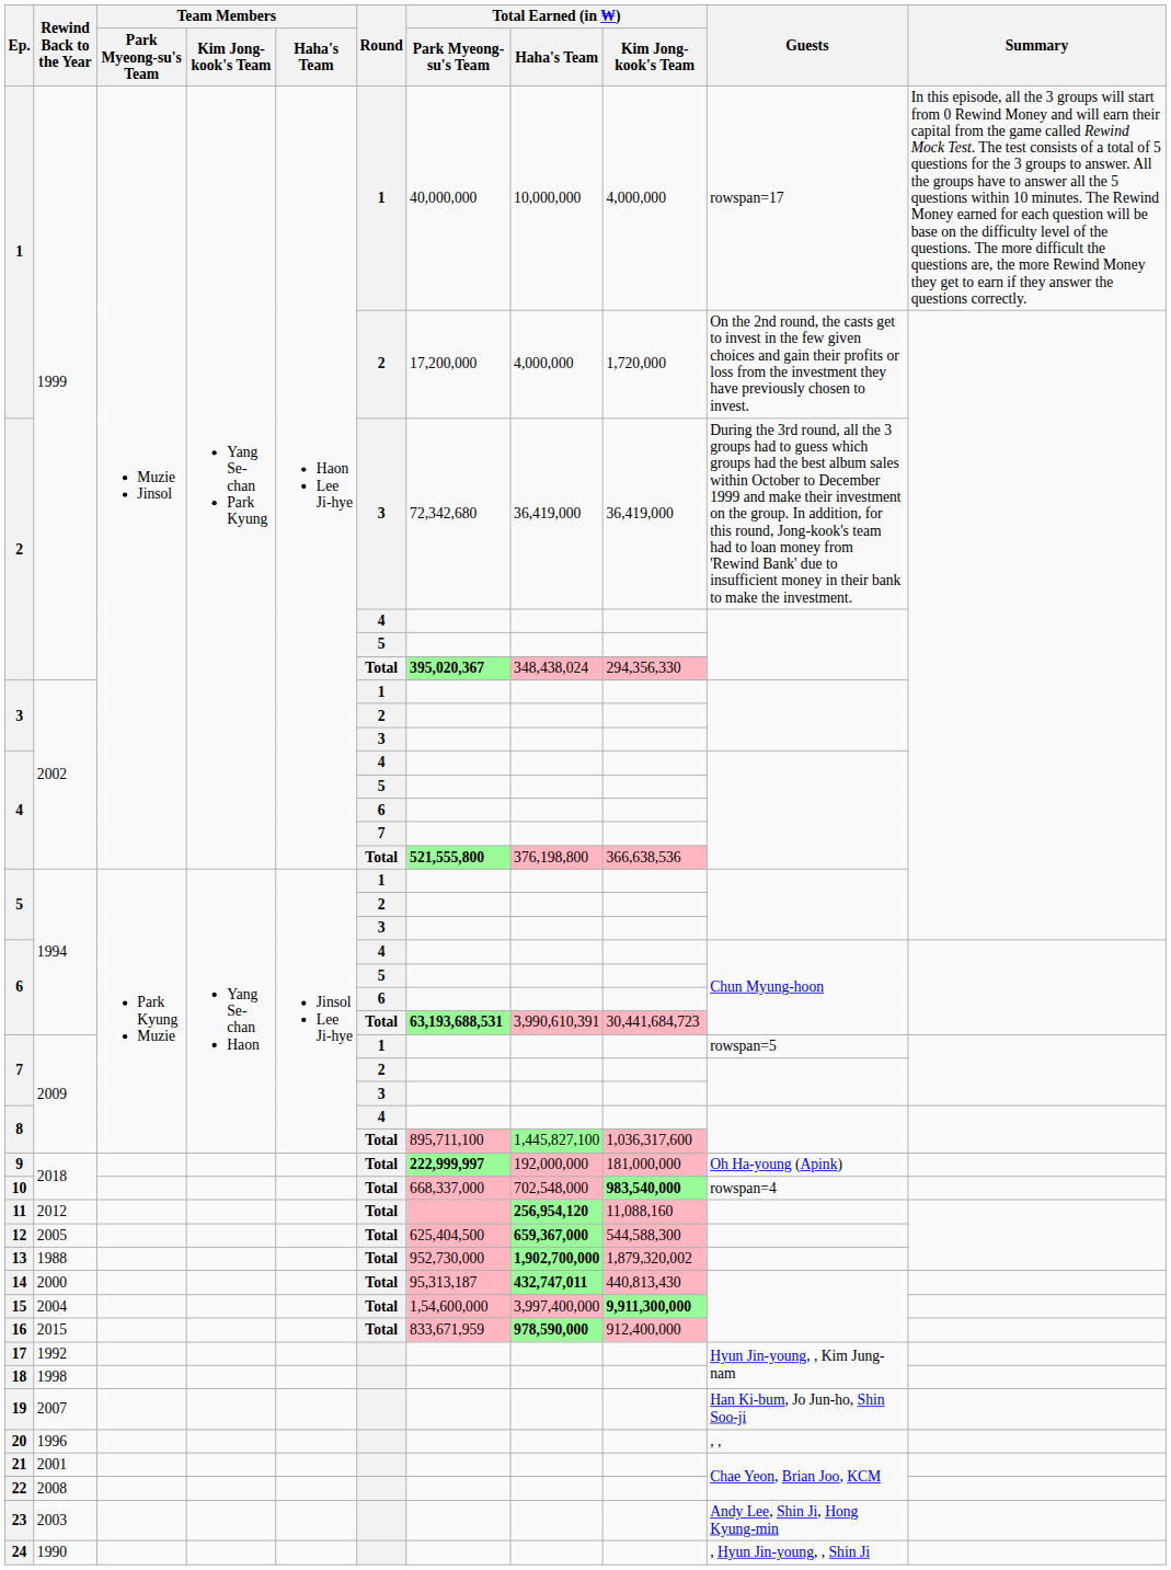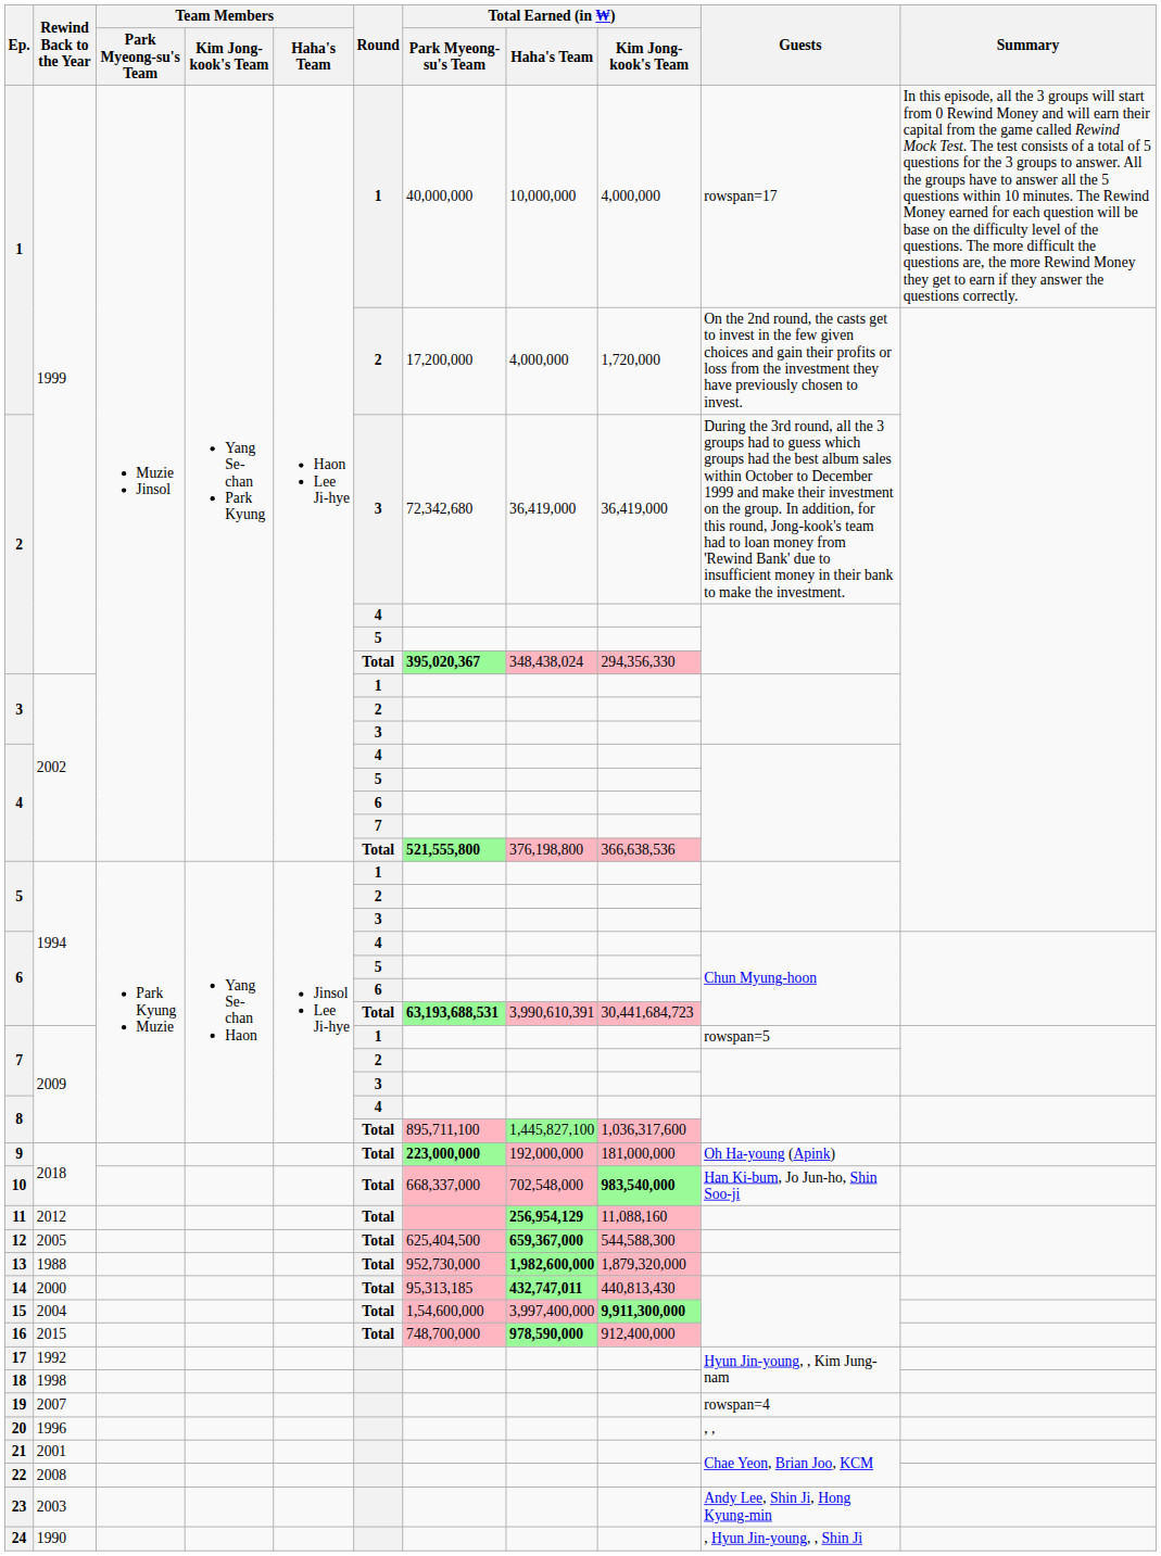 <table class="wikitable">
 <tr>
 <th rowspan=2>Ep.</th>
 <th rowspan=2>Rewind Back to the Year</th>
 <th colspan=3>Team Members</th>
 <th rowspan=2>Round</th>
 <th colspan=3>Total Earned (in <a href='#'>₩</a>)</th>
 <th rowspan=2>Guests</th>
 <th rowspan=2>Summary</th>
 </tr>
 <tr>
 <th>Park Myeong-su's Team</th>
 <th>Kim Jong-kook's Team</th>
 <th>Haha's Team</th>
 <th>Park Myeong-su's Team</th>
 <th>Haha's Team</th>
 <th>Kim Jong-kook's Team</th>
 </tr>
 <tr>
 <th rowspan=2>1</th>
 <td rowspan=6>1999</td>
 <td rowspan=14><br><ul><li>Muzie</li><li>Jinsol</li></ul></td>
 <td rowspan=14><br><ul><li>Yang Se-chan</li><li>Park Kyung</li></ul></td>
 <td rowspan=14><br><ul><li>Haon</li><li>Lee Ji-hye</li></ul></td>
 <th>1<br></th>
 <td>40,000,000</td>
 <td>10,000,000</td>
 <td>4,000,000</td>
 <td>rowspan=17 </td>
 <td>In this episode, all the 3 groups will start from 0 Rewind Money and will earn their capital from the game called <em>Rewind Mock Test</em>. The test consists of a total of 5 questions for the 3 groups to answer. All the groups have to answer all the 5 questions within 10 minutes. The Rewind Money earned for each question will be base on the difficulty level of the questions. The more difficult the questions are, the more Rewind Money they get to earn if they answer the questions correctly.</td>
 </tr>
 <tr>
 <th>2<br></th>
 <td>17,200,000</td>
 <td>4,000,000</td>
 <td>1,720,000</td>
 <td>On the 2nd round, the casts get to invest in the few given choices and gain their profits or loss from the investment they have previously chosen to invest.</td>
 </tr>
 <tr>
 <th rowspan=4>2</th>
 <th>3</th>
 <td>72,342,680</td>
 <td>36,419,000</td>
 <td>36,419,000</td>
 <td>During the 3rd round, all the 3 groups had to guess which groups had the best album sales within October to December 1999 and make their investment on the group. In addition, for this round, Jong-kook's team had to loan money from 'Rewind Bank' due to insufficient money in their bank to make the investment.</td>
 </tr>
 <tr>
 <th>4</th>
 <td></td>
 <td></td>
 <td></td>
 <td rowspan=3></td>
 </tr>
 <tr>
 <th>5</th>
 <td></td>
 <td></td>
 <td></td>
 </tr>
 <tr>
 <th>Total</th>
 <td bgcolor=palegreen><strong>395,020,367</strong></td>
 <td bgcolor=lightpink>348,438,024</td>
 <td bgcolor=lightpink>294,356,330</td>
 </tr>
 <tr>
 <th rowspan=3>3</th>
 <td rowspan=8>2002</td>
 <th>1</th>
 <td></td>
 <td></td>
 <td></td>
 <td rowspan=3></td>
 </tr>
 <tr>
 <th>2</th>
 <td></td>
 <td></td>
 <td></td>
 </tr>
 <tr>
 <th>3</th>
 <td></td>
 <td></td>
 <td></td>
 </tr>
 <tr>
 <th rowspan=5>4</th>
 <th>4</th>
 <td></td>
 <td></td>
 <td></td>
 <td rowspan=5></td>
 </tr>
 <tr>
 <th>5</th>
 <td></td>
 <td></td>
 <td></td>
 </tr>
 <tr>
 <th>6</th>
 <td></td>
 <td></td>
 <td></td>
 </tr>
 <tr>
 <th>7</th>
 <td></td>
 <td></td>
 <td></td>
 </tr>
 <tr>
 <th>Total</th>
 <td bgcolor=palegreen><strong>521,555,800</strong></td>
 <td bgcolor=lightpink>376,198,800</td>
 <td bgcolor=lightpink>366,638,536</td>
 </tr>
 <tr>
 <th rowspan=3>5</th>
 <td rowspan=7>1994</td>
 <td rowspan=12><br><ul><li>Park Kyung</li><li>Muzie</li></ul></td>
 <td rowspan=12><br><ul><li>Yang Se-chan</li><li>Haon</li></ul></td>
 <td rowspan=12><br><ul><li>Jinsol</li><li>Lee Ji-hye</li></ul></td>
 <th>1</th>
 <td></td>
 <td></td>
 <td></td>
 <td rowspan=3></td>
 </tr>
 <tr>
 <th>2</th>
 <td></td>
 <td></td>
 <td></td>
 </tr>
 <tr>
 <th>3</th>
 <td></td>
 <td></td>
 <td></td>
 </tr>
 <tr>
 <th rowspan=4>6</th>
 <th>4</th>
 <td></td>
 <td></td>
 <td></td>
 <td rowspan=4><a href='#'>Chun Myung-hoon</a><br></td>
 <td rowspan=4></td>
 </tr>
 <tr>
 <th>5</th>
 <td></td>
 <td></td>
 <td></td>
 </tr>
 <tr>
 <th>6</th>
 <td></td>
 <td></td>
 <td></td>
 </tr>
 <tr>
 <th>Total</th>
 <td bgcolor=palegreen><strong>63,193,688,531</strong></td>
 <td bgcolor=lightpink>3,990,610,391</td>
 <td bgcolor=lightpink>30,441,684,723</td>
 </tr>
 <tr>
 <th rowspan=3>7</th>
 <td rowspan=5>2009</td>
 <th>1</th>
 <td></td>
 <td></td>
 <td></td>
 <td>rowspan=5 </td>
 <td rowspan=3></td>
 </tr>
 <tr>
 <th>2</th>
 <td></td>
 <td></td>
 <td></td>
 </tr>
 <tr>
 <th>3</th>
 <td></td>
 <td></td>
 <td></td>
 </tr>
 <tr>
 <th rowspan=2>8</th>
 <th>4</th>
 <td></td>
 <td></td>
 <td></td>
 <td rowspan=2></td>
 </tr>
 <tr>
 <th>Total</th>
 <td bgcolor=lightpink>895,711,100</td>
 <td bgcolor=palegreen>1,445,827,100</td>
 <td bgcolor=lightpink>1,036,317,600</td>
 </tr>
 <tr>
 <th>9</th>
 <td rowspan=2>2018</td>
 <td></td>
 <td></td>
 <td></td>
 <th>Total</th>
-<td bgcolor=palegreen><strong>222,999,997</strong></td>
+<td bgcolor=palegreen><strong>223,000,000</strong></td>
 <td bgcolor=lightpink>192,000,000</td>
 <td bgcolor=lightpink>181,000,000</td>
 <td><a href='#'>Oh Ha-young</a> (<a href='#'>Apink</a>)</td>
 <td></td>
 </tr>
 <tr>
 <th>10</th>
 <td></td>
 <td></td>
 <td></td>
 <th>Total</th>
 <td bgcolor=lightpink>668,337,000</td>
 <td bgcolor=lightpink>702,548,000</td>
 <td bgcolor=palegreen><strong>983,540,000</strong></td>
-<td>rowspan=4 </td>
+<td><a href='#'>Han Ki-bum</a>, Jo Jun-ho, <a href='#'>Shin Soo-ji</a></td>
 <td></td>
 </tr>
 <tr>
 <th>11</th>
 <td>2012</td>
 <td></td>
 <td></td>
 <td></td>
 <th>Total</th>
 <td bgcolor=lightpink></td>
-<td bgcolor=palegreen><strong>256,954,120</strong></td>
+<td bgcolor=palegreen><strong>256,954,129</strong></td>
 <td bgcolor=lightpink>11,088,160</td>
 <td></td>
 </tr>
 <tr>
 <th>12</th>
 <td>2005</td>
 <td></td>
 <td></td>
 <td></td>
 <th>Total</th>
 <td bgcolor=lightpink>625,404,500</td>
 <td bgcolor=palegreen><strong>659,367,000</strong></td>
 <td bgcolor=lightpink>544,588,300</td>
 <td></td>
 </tr>
 <tr>
 <th>13</th>
 <td>1988</td>
 <td></td>
 <td></td>
 <td></td>
 <th>Total</th>
 <td bgcolor=lightpink>952,730,000</td>
-<td bgcolor=palegreen><strong>1,902,700,000</strong></td>
-<td bgcolor=lightpink>1,879,320,002</td>
+<td bgcolor=palegreen><strong>1,982,600,000</strong></td>
+<td bgcolor=lightpink>1,879,320,000</td>
 <td></td>
 </tr>
 <tr>
 <th>14</th>
 <td>2000</td>
 <td></td>
 <td></td>
 <td></td>
 <th>Total</th>
-<td bgcolor=lightpink>95,313,187</td>
+<td bgcolor=lightpink>95,313,185</td>
 <td bgcolor=palegreen><strong>432,747,011</strong></td>
 <td bgcolor=lightpink>440,813,430</td>
 <td rowspan=3></td>
 <td></td>
 </tr>
 <tr>
 <th>15</th>
 <td>2004</td>
 <td></td>
 <td></td>
 <td></td>
 <th>Total</th>
 <td bgcolor=lightpink>1,54,600,000</td>
 <td bgcolor=lightpink>3,997,400,000</td>
 <td bgcolor=palegreen><strong>9,911,300,000</strong></td>
 <td></td>
 </tr>
 <tr>
 <th>16</th>
 <td>2015</td>
 <td></td>
 <td></td>
 <td></td>
 <th>Total</th>
-<td bgcolor=lightpink>833,671,959</td>
+<td bgcolor=lightpink>748,700,000</td>
 <td bgcolor=palegreen><strong>978,590,000</strong></td>
 <td bgcolor=lightpink>912,400,000</td>
 <td></td>
 </tr>
 <tr>
 <th>17</th>
 <td>1992</td>
 <td></td>
 <td></td>
 <td></td>
 <th></th>
 <td></td>
 <td></td>
 <td></td>
 <td rowspan="2"><a href='#'>Hyun Jin-young</a>, , Kim Jung-nam</td>
 <td></td>
 </tr>
 <tr>
 <th>18</th>
 <td>1998</td>
 <td></td>
 <td></td>
 <td></td>
 <th></th>
 <td></td>
 <td></td>
 <td></td>
 <td></td>
 </tr>
 <tr>
 <th>19</th>
 <td>2007</td>
 <td></td>
 <td></td>
 <td></td>
 <th></th>
 <td></td>
 <td></td>
 <td></td>
-<td><a href='#'>Han Ki-bum</a>, Jo Jun-ho, <a href='#'>Shin Soo-ji</a></td>
+<td>rowspan=4 </td>
 <td></td>
 </tr>
 <tr>
 <th>20</th>
 <td>1996</td>
 <td></td>
 <td></td>
 <td></td>
 <th></th>
 <td></td>
 <td></td>
 <td></td>
 <td>, , </td>
 <td></td>
 </tr>
 <tr>
 <th>21</th>
 <td>2001</td>
 <td></td>
 <td></td>
 <td></td>
 <th></th>
 <td></td>
 <td></td>
 <td></td>
 <td rowspan="2"><a href='#'>Chae Yeon</a>, <a href='#'>Brian Joo</a>, <a href='#'>KCM</a></td>
 <td></td>
 </tr>
 <tr>
 <th>22</th>
 <td>2008</td>
 <td></td>
 <td></td>
 <td></td>
 <th></th>
 <td></td>
 <td></td>
 <td></td>
 <td></td>
 </tr>
 <tr>
 <th>23</th>
 <td>2003</td>
 <td></td>
 <td></td>
 <td></td>
 <th></th>
 <td></td>
 <td></td>
 <td></td>
 <td><a href='#'>Andy Lee</a>, <a href='#'>Shin Ji</a>, <a href='#'>Hong Kyung-min</a></td>
 <td></td>
 </tr>
 <tr>
 <th>24</th>
 <td>1990</td>
 <td></td>
 <td></td>
 <td></td>
 <th></th>
 <td></td>
 <td></td>
 <td></td>
 <td>, <a href='#'>Hyun Jin-young</a>, , <a href='#'>Shin Ji</a></td>
 <td></td>
 </tr>
 </table>
